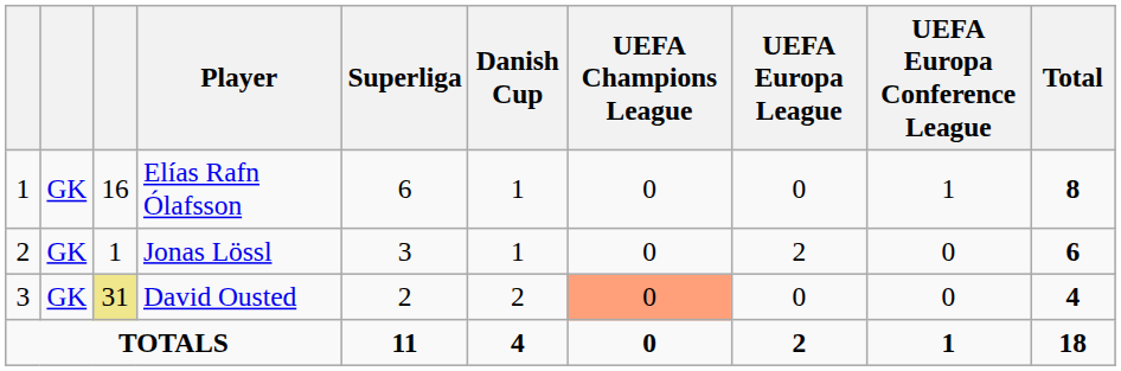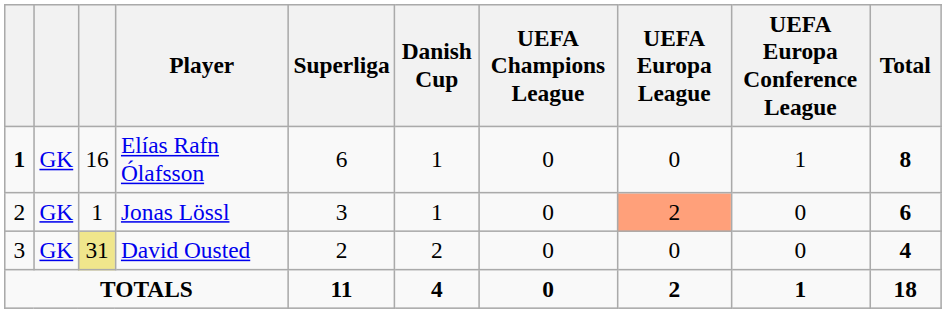 <table class="wikitable sortable" style="font-size: 95%; text-align: center;">
 <tr>
 <th width=20></th>
 <th width=20></th>
 <th width=20></th>
 <th width=200>Player</th>
 <th width=50>Superliga</th>
 <th width=50>Danish Cup</th>
 <th width=100>UEFA Champions League</th>
 <th width=100>UEFA Europa League</th>
 <th width=100>UEFA Europa Conference League</th>
 <th width=50>Total</th>
 </tr>
 <tr>
-<td rowspan=1>1</td>
+<td rowspan=1><strong>1</strong></td>
 <td><a href='#'>GK</a></td>
 <td>16</td>
 <td align=left> <a href='#'>Elías Rafn Ólafsson</a></td>
 <td>6</td>
 <td>1</td>
 <td>0</td>
 <td>0</td>
 <td>1</td>
 <td><strong>8</strong></td>
 </tr>
 <tr>
 <td rowspan=1>2</td>
 <td><a href='#'>GK</a></td>
 <td>1</td>
 <td align=left> <a href='#'>Jonas Lössl</a></td>
 <td>3</td>
 <td>1</td>
 <td>0</td>
-<td>2</td>
+<td style="background: lightsalmon;">2</td>
 <td>0</td>
 <td><strong>6</strong></td>
 </tr>
 <tr>
 <td rowspan=1>3</td>
 <td><a href='#'>GK</a></td>
 <td style="background: khaki;">31</td>
 <td align=left> <a href='#'>David Ousted</a></td>
 <td>2</td>
 <td>2</td>
-<td style="background: lightsalmon;">0</td>
+<td>0</td>
 <td>0</td>
 <td>0</td>
 <td><strong>4</strong></td>
 </tr>
 <tr>
 <td colspan="4"><strong>TOTALS</strong></td>
 <td><strong>11</strong></td>
 <td><strong>4</strong></td>
 <td><strong>0</strong></td>
 <td><strong>2</strong></td>
 <td><strong>1</strong></td>
 <td><strong>18</strong></td>
 </tr>
 </table>
